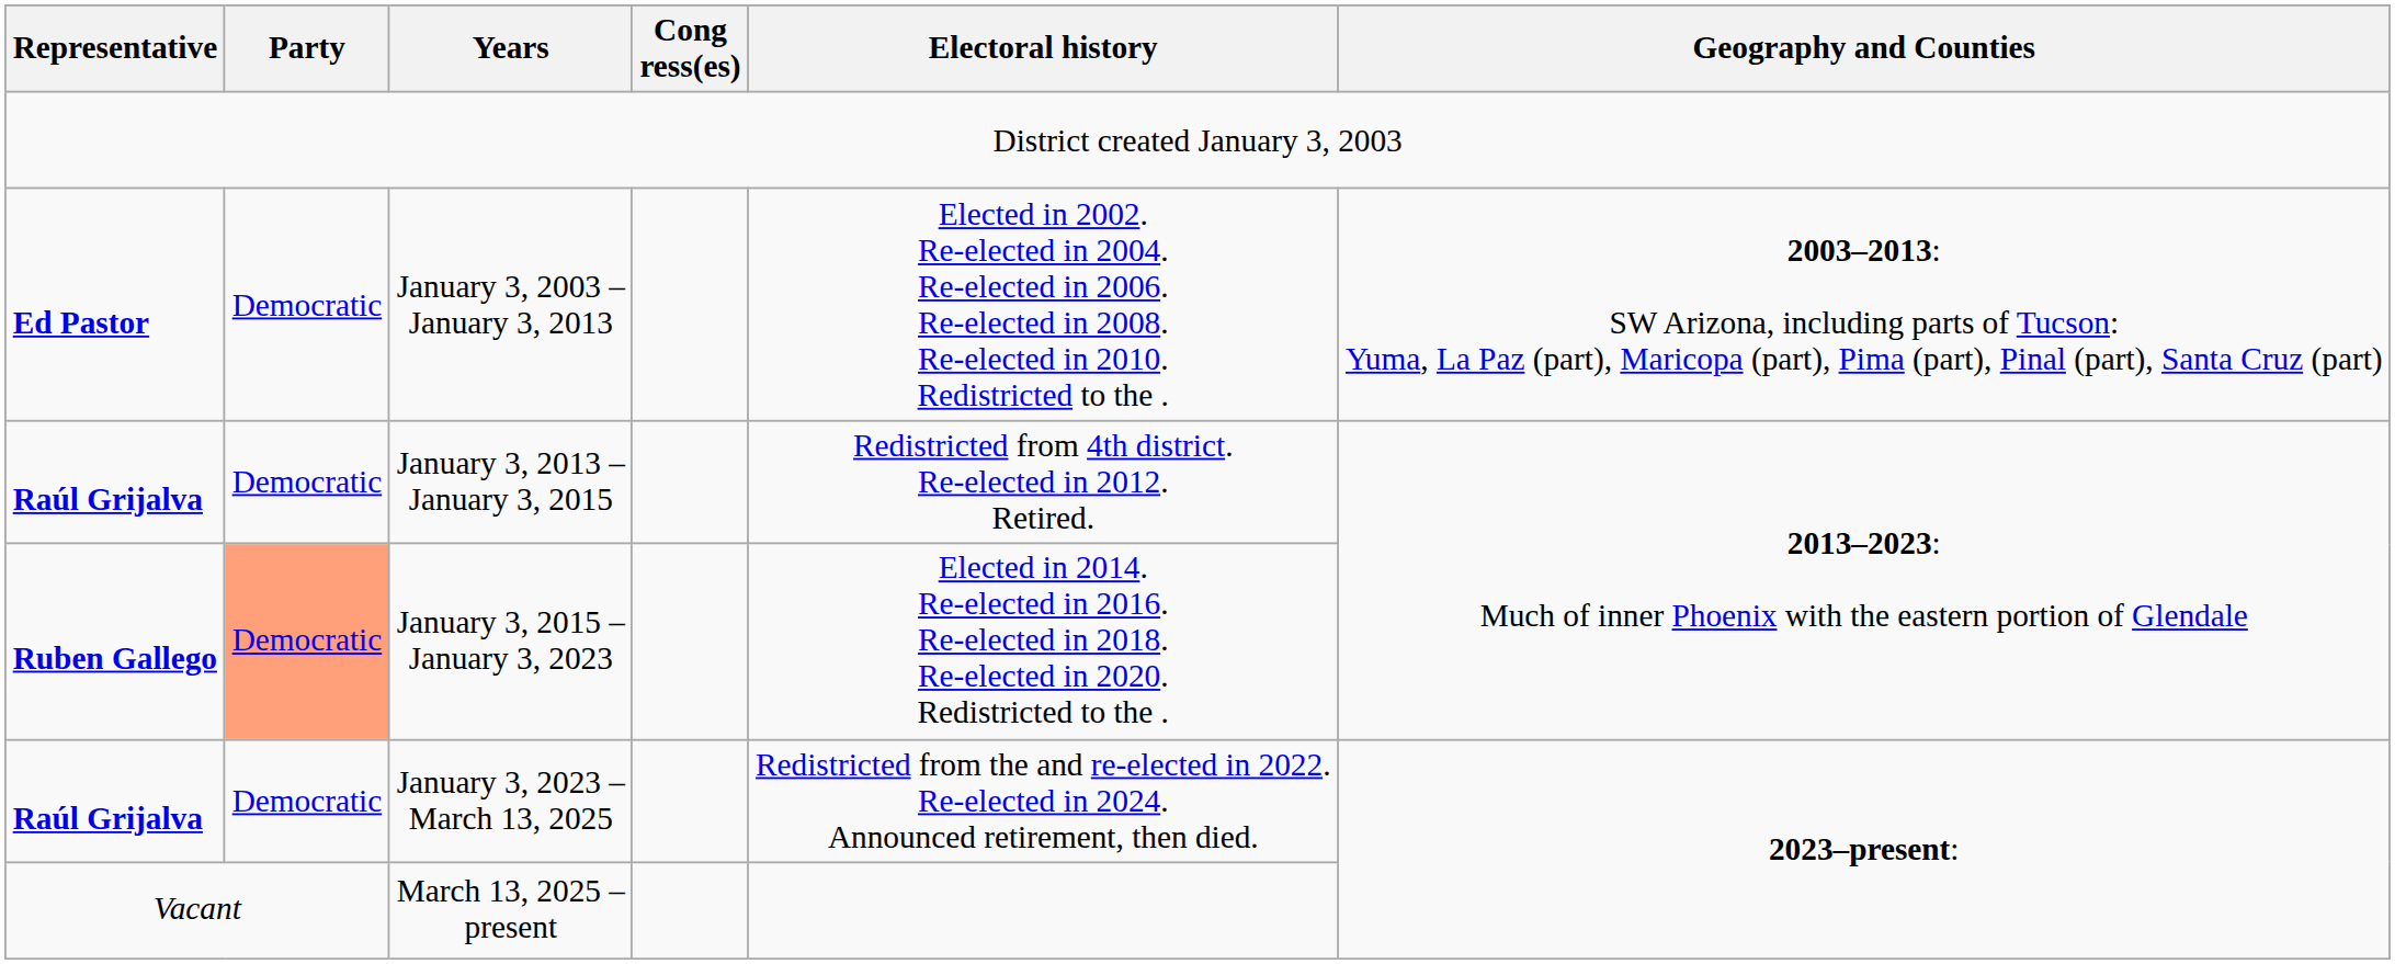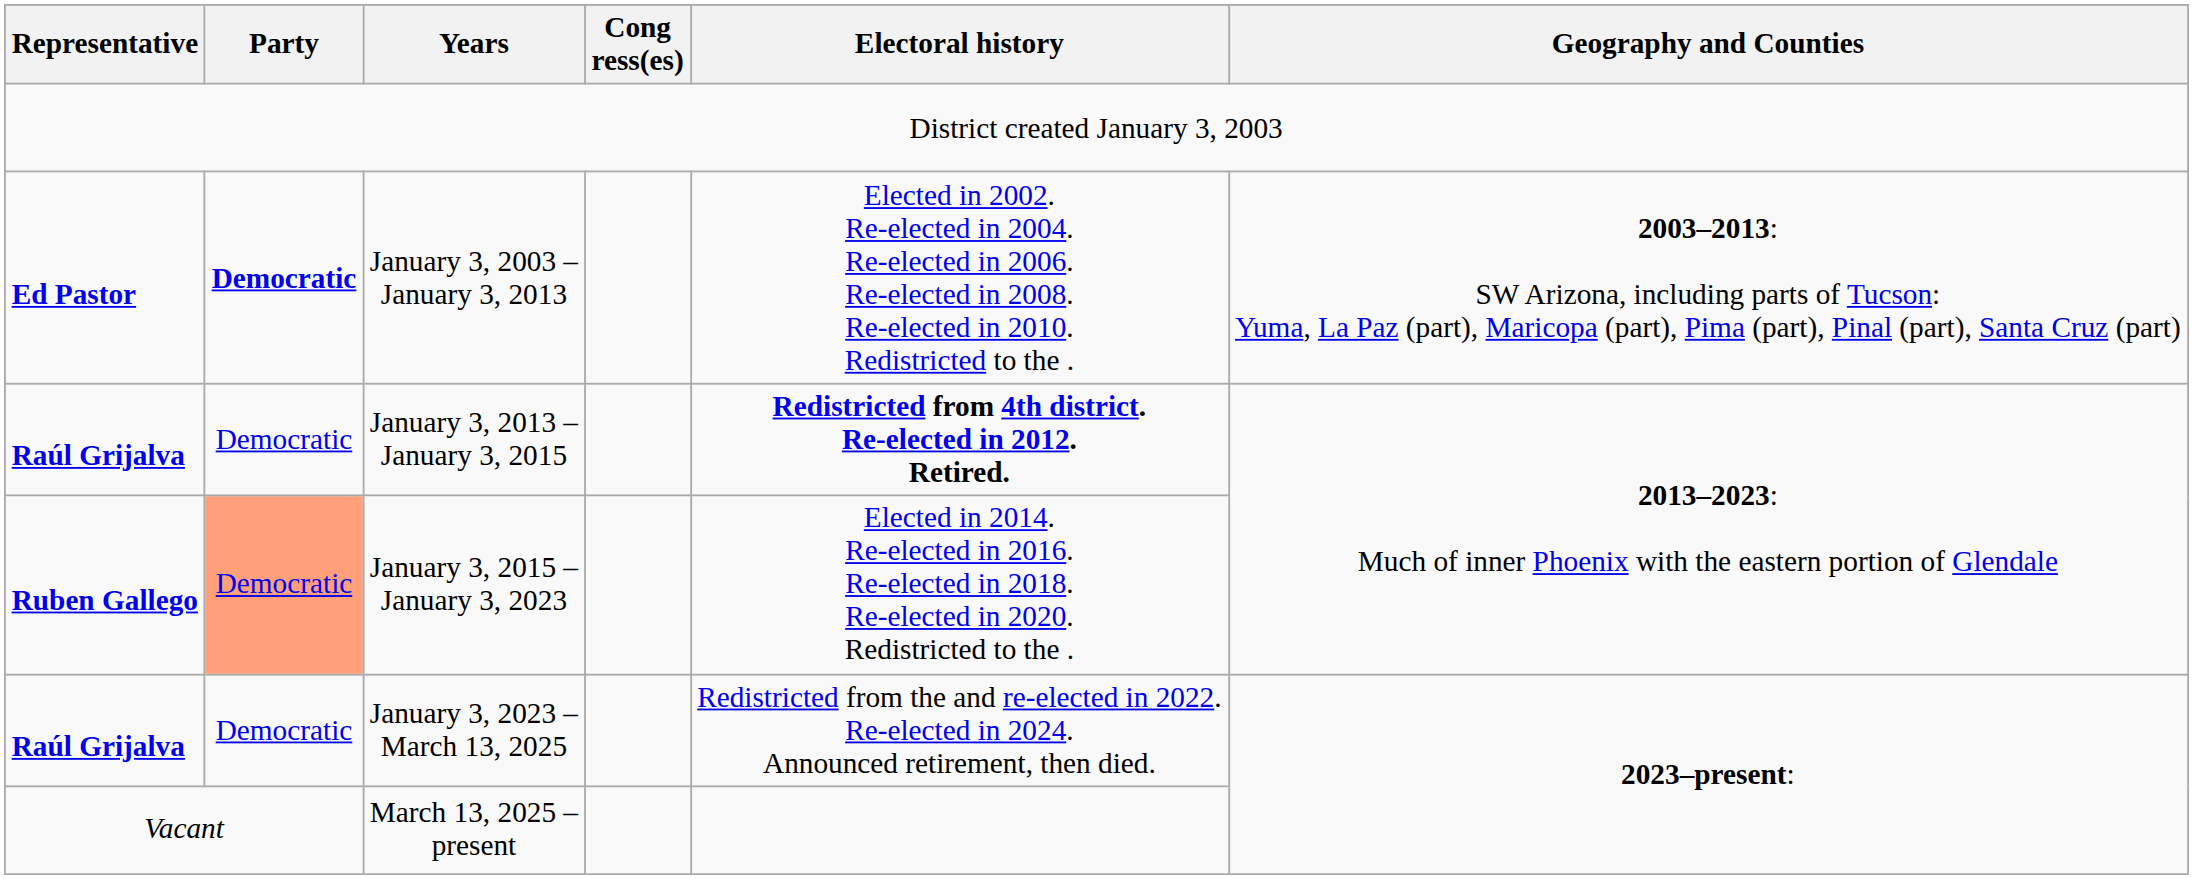 <table class=wikitable style="text-align:center">
 <tr>
 <th>Representative</th>
 <th>Party</th>
 <th>Years</th>
 <th>Cong<br>ress(es)</th>
 <th>Electoral history</th>
 <th>Geography and Counties</th>
 </tr>
 <tr style="height:3em">
 <td colspan=6>District created January 3, 2003</td>
 </tr>
 <tr>
 <td align=left><br><strong><a href='#'>Ed Pastor</a> </strong><br></td>
-<td><a href='#'>Democratic</a></td>
+<td><strong><a href='#'>Democratic</a></strong></td>
 <td nowrap>January 3, 2003 –<br>January 3, 2013</td>
 <td></td>
 <td><a href='#'>Elected in 2002</a>.<br><a href='#'>Re-elected in 2004</a>.<br><a href='#'>Re-elected in 2006</a>.<br><a href='#'>Re-elected in 2008</a>.<br><a href='#'>Re-elected in 2010</a>.<br><a href='#'>Redistricted</a> to the .</td>
 <td><strong>2003–2013</strong>:<br><br>SW Arizona, including parts of <a href='#'>Tucson</a>:<br><a href='#'>Yuma</a>, <a href='#'>La Paz</a> (part), <a href='#'>Maricopa</a> (part), <a href='#'>Pima</a> (part), <a href='#'>Pinal</a> (part), <a href='#'>Santa Cruz</a> (part)</td>
 </tr>
 <tr>
 <td align=left><br><strong><a href='#'>Raúl Grijalva</a> </strong><br></td>
 <td><a href='#'>Democratic</a></td>
 <td nowrap>January 3, 2013 –<br> January 3, 2015</td>
 <td></td>
-<td><a href='#'>Redistricted</a> from <a href='#'>4th district</a>.<br><a href='#'>Re-elected in 2012</a>.<br>Retired.</td>
+<td><strong><a href='#'>Redistricted</a> from <a href='#'>4th district</a>.<br><a href='#'>Re-elected in 2012</a>.<br>Retired.</strong></td>
 <td rowspan=2><strong>2013–2023</strong>:<br><br> Much of inner <a href='#'>Phoenix</a> with the eastern portion of <a href='#'>Glendale</a></td>
 </tr>
 <tr>
 <td align=left><br><strong><a href='#'>Ruben Gallego</a> </strong><br></td>
 <td style="background: lightsalmon;"><a href='#'>Democratic</a></td>
 <td nowrap>January 3, 2015 –<br>January 3, 2023</td>
 <td></td>
 <td><a href='#'>Elected in 2014</a>.<br><a href='#'>Re-elected in 2016</a>.<br><a href='#'>Re-elected in 2018</a>.<br><a href='#'>Re-elected in 2020</a>.<br>Redistricted to the .</td>
 </tr>
 <tr>
 <td align=left><br><strong><a href='#'>Raúl Grijalva</a></strong><br></td>
 <td><a href='#'>Democratic</a></td>
 <td nowrap>January 3, 2023 –<br>March 13, 2025</td>
 <td></td>
 <td><a href='#'>Redistricted</a> from the  and <a href='#'>re-elected in 2022</a>.<br><a href='#'>Re-elected in 2024</a>.<br>Announced retirement, then died.</td>
 <td rowspan=2><strong>2023–present</strong>:<br></td>
 </tr>
 <tr style="height:3em">
 <td colspan=2><em>Vacant</em></td>
 <td nowrap>March 13, 2025 –<br>present</td>
 <td></td>
 <td></td>
 </tr>
 </table>
